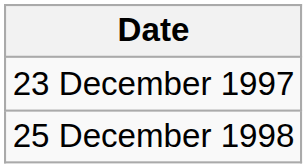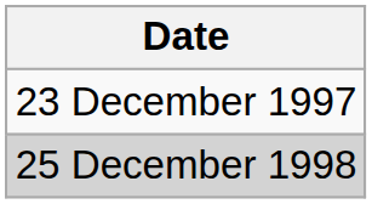 <table class="wikitable" style="text-align:center;">
 <tr>
 <th>Date</th>
 </tr>
 <tr>
 <td>23 December 1997</td>
 </tr>
 <tr>
-<td>25 December 1998</td>
+<td style="background: lightgrey;">25 December 1998</td>
 </tr>
 </table>
